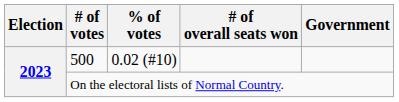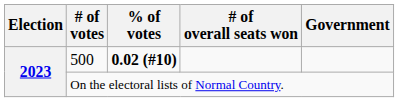 <table class=wikitable>
 <tr>
 <th>Election</th>
 <th># of<br>votes</th>
 <th>% of<br>votes</th>
 <th># of<br>overall seats won</th>
 <th>Government</th>
 </tr>
 <tr>
 <th rowspan="2"><a href='#'>2023</a></th>
 <td>500</td>
-<td>0.02 (#10)</td>
+<td><strong>0.02 (#10)</strong></td>
 <td></td>
 <td></td>
 </tr>
 <tr>
 <td colspan=5><small>On the electoral lists of <a href='#'>Normal Country</a>.</small></td>
 </tr>
 </table>
